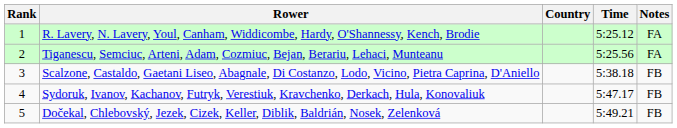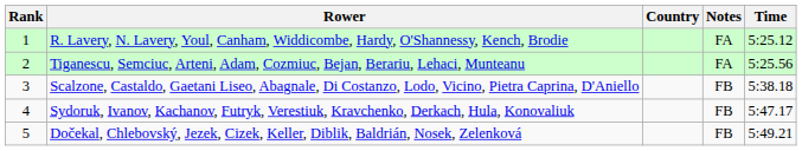 <table class="wikitable" style="text-align:center">
 <tr>
 <th>Rank</th>
 <th>Rower</th>
 <th>Country</th>
+<th>Notes</th>
 <th>Time</th>
-<th>Notes</th>
 </tr>
 <tr bgcolor=ccffcc>
 <td>1</td>
 <td align="left"><a href='#'>R. Lavery</a>, <a href='#'>N. Lavery</a>, <a href='#'>Youl</a>, <a href='#'>Canham</a>, <a href='#'>Widdicombe</a>, <a href='#'>Hardy</a>, <a href='#'>O'Shannessy</a>, <a href='#'>Kench</a>, <a href='#'>Brodie</a></td>
 <td align="left"></td>
+<td>FA</td>
 <td>5:25.12</td>
-<td>FA</td>
 </tr>
 <tr bgcolor=ccffcc>
 <td>2</td>
 <td align="left"><a href='#'>Tiganescu</a>, <a href='#'>Semciuc</a>, <a href='#'>Arteni</a>, <a href='#'>Adam</a>, <a href='#'>Cozmiuc</a>, <a href='#'>Bejan</a>, <a href='#'>Berariu</a>, <a href='#'>Lehaci</a>, <a href='#'>Munteanu</a></td>
 <td align="left"></td>
+<td>FA</td>
 <td>5:25.56</td>
-<td>FA</td>
 </tr>
 <tr>
 <td>3</td>
 <td align="left"><a href='#'>Scalzone</a>, <a href='#'>Castaldo</a>, <a href='#'>Gaetani Liseo</a>, <a href='#'>Abagnale</a>, <a href='#'>Di Costanzo</a>, <a href='#'>Lodo</a>, <a href='#'>Vicino</a>, <a href='#'>Pietra Caprina</a>, <a href='#'>D'Aniello</a></td>
 <td align="left"></td>
+<td>FB</td>
 <td>5:38.18</td>
-<td>FB</td>
 </tr>
 <tr>
 <td>4</td>
 <td align="left"><a href='#'>Sydoruk</a>, <a href='#'>Ivanov</a>, <a href='#'>Kachanov</a>, <a href='#'>Futryk</a>, <a href='#'>Verestiuk</a>, <a href='#'>Kravchenko</a>, <a href='#'>Derkach</a>, <a href='#'>Hula</a>, <a href='#'>Konovaliuk</a></td>
 <td align="left"></td>
+<td>FB</td>
 <td>5:47.17</td>
-<td>FB</td>
 </tr>
 <tr>
 <td>5</td>
 <td align="left"><a href='#'>Dočekal</a>, <a href='#'>Chlebovský</a>, <a href='#'>Jezek</a>, <a href='#'>Cizek</a>, <a href='#'>Keller</a>, <a href='#'>Diblik</a>, <a href='#'>Baldrián</a>, <a href='#'>Nosek</a>, <a href='#'>Zelenková</a></td>
 <td align="left"></td>
+<td>FB</td>
 <td>5:49.21</td>
-<td>FB</td>
 </tr>
 </table>
